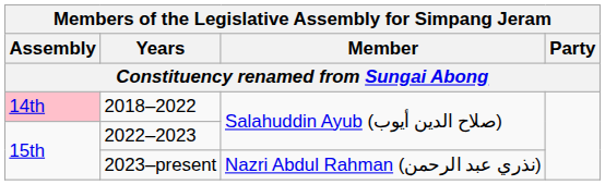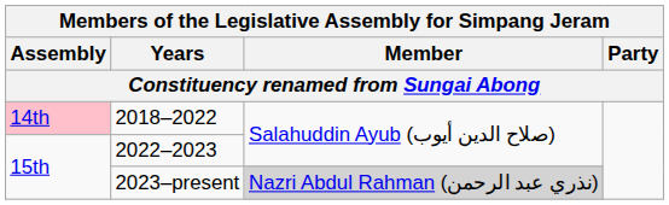 <table class="wikitable">
 <tr>
 <th colspan="4">Members of the Legislative Assembly for Simpang Jeram</th>
 </tr>
 <tr>
 <th><strong>Assembly</strong></th>
 <th>Years</th>
 <th>Member</th>
 <th>Party</th>
 </tr>
 <tr>
 <th colspan="4"><em>Constituency renamed from <a href='#'>Sungai Abong</a></em></th>
 </tr>
 <tr>
 <td style="background: pink;"><a href='#'>14th</a></td>
 <td>2018–2022</td>
 <td rowspan="2"><a href='#'>Salahuddin Ayub</a> (صلاح الدين أيوب)</td>
 <td rowspan="3"></td>
 </tr>
 <tr>
 <td rowspan="2"><a href='#'>15th</a></td>
 <td>2022–2023</td>
 </tr>
 <tr>
 <td>2023–present</td>
-<td><a href='#'>Nazri Abdul Rahman</a> (نذري عبد الرحمن)</td>
+<td style="background: lightgrey;"><a href='#'>Nazri Abdul Rahman</a> (نذري عبد الرحمن)</td>
 </tr>
 </table>
